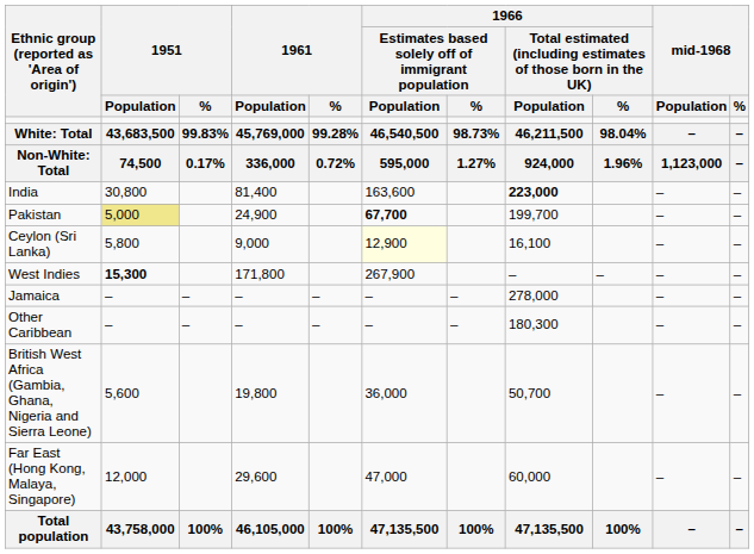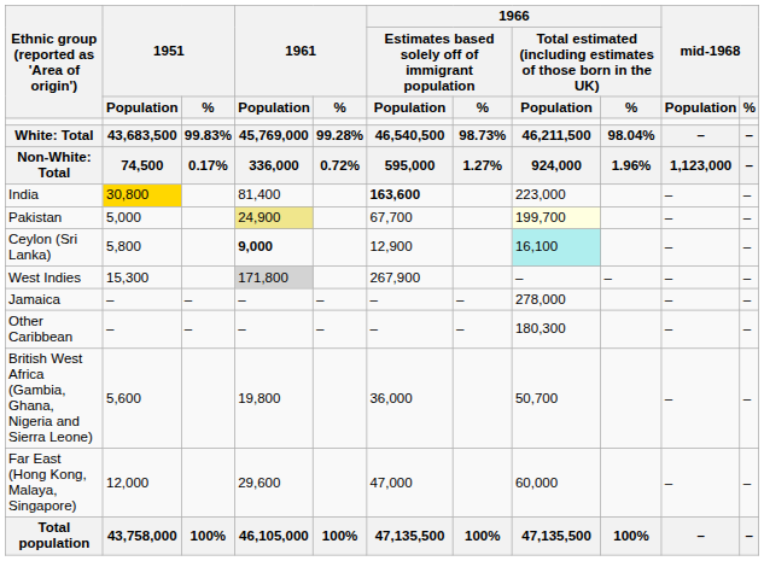 <table class="wikitable mw-collapsible">
 <tr>
 <th rowspan="3">Ethnic group (reported as 'Area of origin')</th>
 <th colspan="2" rowspan="2">1951</th>
 <th colspan="2" rowspan="2">1961</th>
 <th colspan="4">1966</th>
 <th colspan="2" rowspan="2">mid-1968</th>
 </tr>
 <tr>
 <th colspan="2">Estimates based solely off of immigrant population</th>
 <th colspan="2">Total estimated (including estimates of those born in the UK)</th>
 </tr>
 <tr>
 <th>Population</th>
 <th>%</th>
 <th>Population</th>
 <th>%</th>
 <th>Population</th>
 <th>%</th>
 <th>Population</th>
 <th>%</th>
 <th>Population</th>
 <th>%</th>
 </tr>
 <tr>
 <td></td>
 <td></td>
 <td></td>
 <td></td>
 <td></td>
 <td></td>
 <td></td>
 <td></td>
 <td></td>
 <td></td>
 <td></td>
 </tr>
 <tr>
 <th>White: Total</th>
 <th>43,683,500</th>
 <th>99.83%</th>
 <th>45,769,000</th>
 <th>99.28%</th>
 <th>46,540,500</th>
 <th>98.73%</th>
 <th>46,211,500</th>
 <th>98.04%</th>
 <th>–</th>
 <th>–</th>
 </tr>
 <tr>
 <th>Non-White: Total</th>
 <th>74,500</th>
 <th>0.17%</th>
 <th>336,000</th>
 <th>0.72%</th>
 <th>595,000</th>
 <th>1.27%</th>
 <th>924,000</th>
 <th>1.96%</th>
 <th>1,123,000</th>
 <th>–</th>
 </tr>
 <tr>
 <td>India</td>
-<td>30,800</td>
+<td style="background: gold;">30,800</td>
 <td></td>
 <td>81,400</td>
 <td></td>
-<td>163,600</td>
+<td><strong>163,600</strong></td>
 <td></td>
-<td><strong>223,000</strong></td>
+<td>223,000</td>
 <td></td>
 <td>–</td>
 <td>–</td>
 </tr>
 <tr>
 <td>Pakistan</td>
-<td style="background: khaki;">5,000</td>
+<td>5,000</td>
 <td></td>
-<td>24,900</td>
+<td style="background: khaki;">24,900</td>
 <td></td>
-<td><strong>67,700</strong></td>
+<td>67,700</td>
 <td></td>
-<td>199,700</td>
+<td style="background: lightyellow;">199,700</td>
 <td></td>
 <td>–</td>
 <td>–</td>
 </tr>
 <tr>
 <td>Ceylon (Sri Lanka)</td>
 <td>5,800</td>
 <td></td>
-<td>9,000</td>
+<td><strong>9,000</strong></td>
 <td></td>
-<td style="background: lightyellow;">12,900</td>
+<td>12,900</td>
 <td></td>
-<td>16,100</td>
+<td style="background: paleturquoise;">16,100</td>
 <td></td>
 <td>–</td>
 <td>–</td>
 </tr>
 <tr>
 <td>West Indies</td>
-<td><strong>15,300</strong></td>
+<td>15,300</td>
 <td></td>
-<td>171,800</td>
+<td style="background: lightgrey;">171,800</td>
 <td></td>
 <td>267,900</td>
 <td></td>
 <td>–</td>
 <td>–</td>
 <td>–</td>
 <td>–</td>
 </tr>
 <tr>
 <td>Jamaica</td>
 <td>–</td>
 <td>–</td>
 <td>–</td>
 <td>–</td>
 <td>–</td>
 <td>–</td>
 <td>278,000</td>
 <td></td>
 <td>–</td>
 <td>–</td>
 </tr>
 <tr>
 <td>Other Caribbean</td>
 <td>–</td>
 <td>–</td>
 <td>–</td>
 <td>–</td>
 <td>–</td>
 <td>–</td>
 <td>180,300</td>
 <td></td>
 <td>–</td>
 <td>–</td>
 </tr>
 <tr>
 <td>British West Africa (Gambia, Ghana, Nigeria and Sierra Leone)</td>
 <td>5,600</td>
 <td></td>
 <td>19,800</td>
 <td></td>
 <td>36,000</td>
 <td></td>
 <td>50,700</td>
 <td></td>
 <td>–</td>
 <td>–</td>
 </tr>
 <tr>
 <td>Far East (Hong Kong, Malaya, Singapore)</td>
 <td>12,000</td>
 <td></td>
 <td>29,600</td>
 <td></td>
 <td>47,000</td>
 <td></td>
 <td>60,000</td>
 <td></td>
 <td>–</td>
 <td>–</td>
 </tr>
 <tr>
 <th>Total population</th>
 <th>43,758,000</th>
 <th>100%</th>
 <th>46,105,000</th>
 <th>100%</th>
 <th>47,135,500</th>
 <th>100%</th>
 <th>47,135,500</th>
 <th>100%</th>
 <th>–</th>
 <th>–</th>
 </tr>
 </table>
